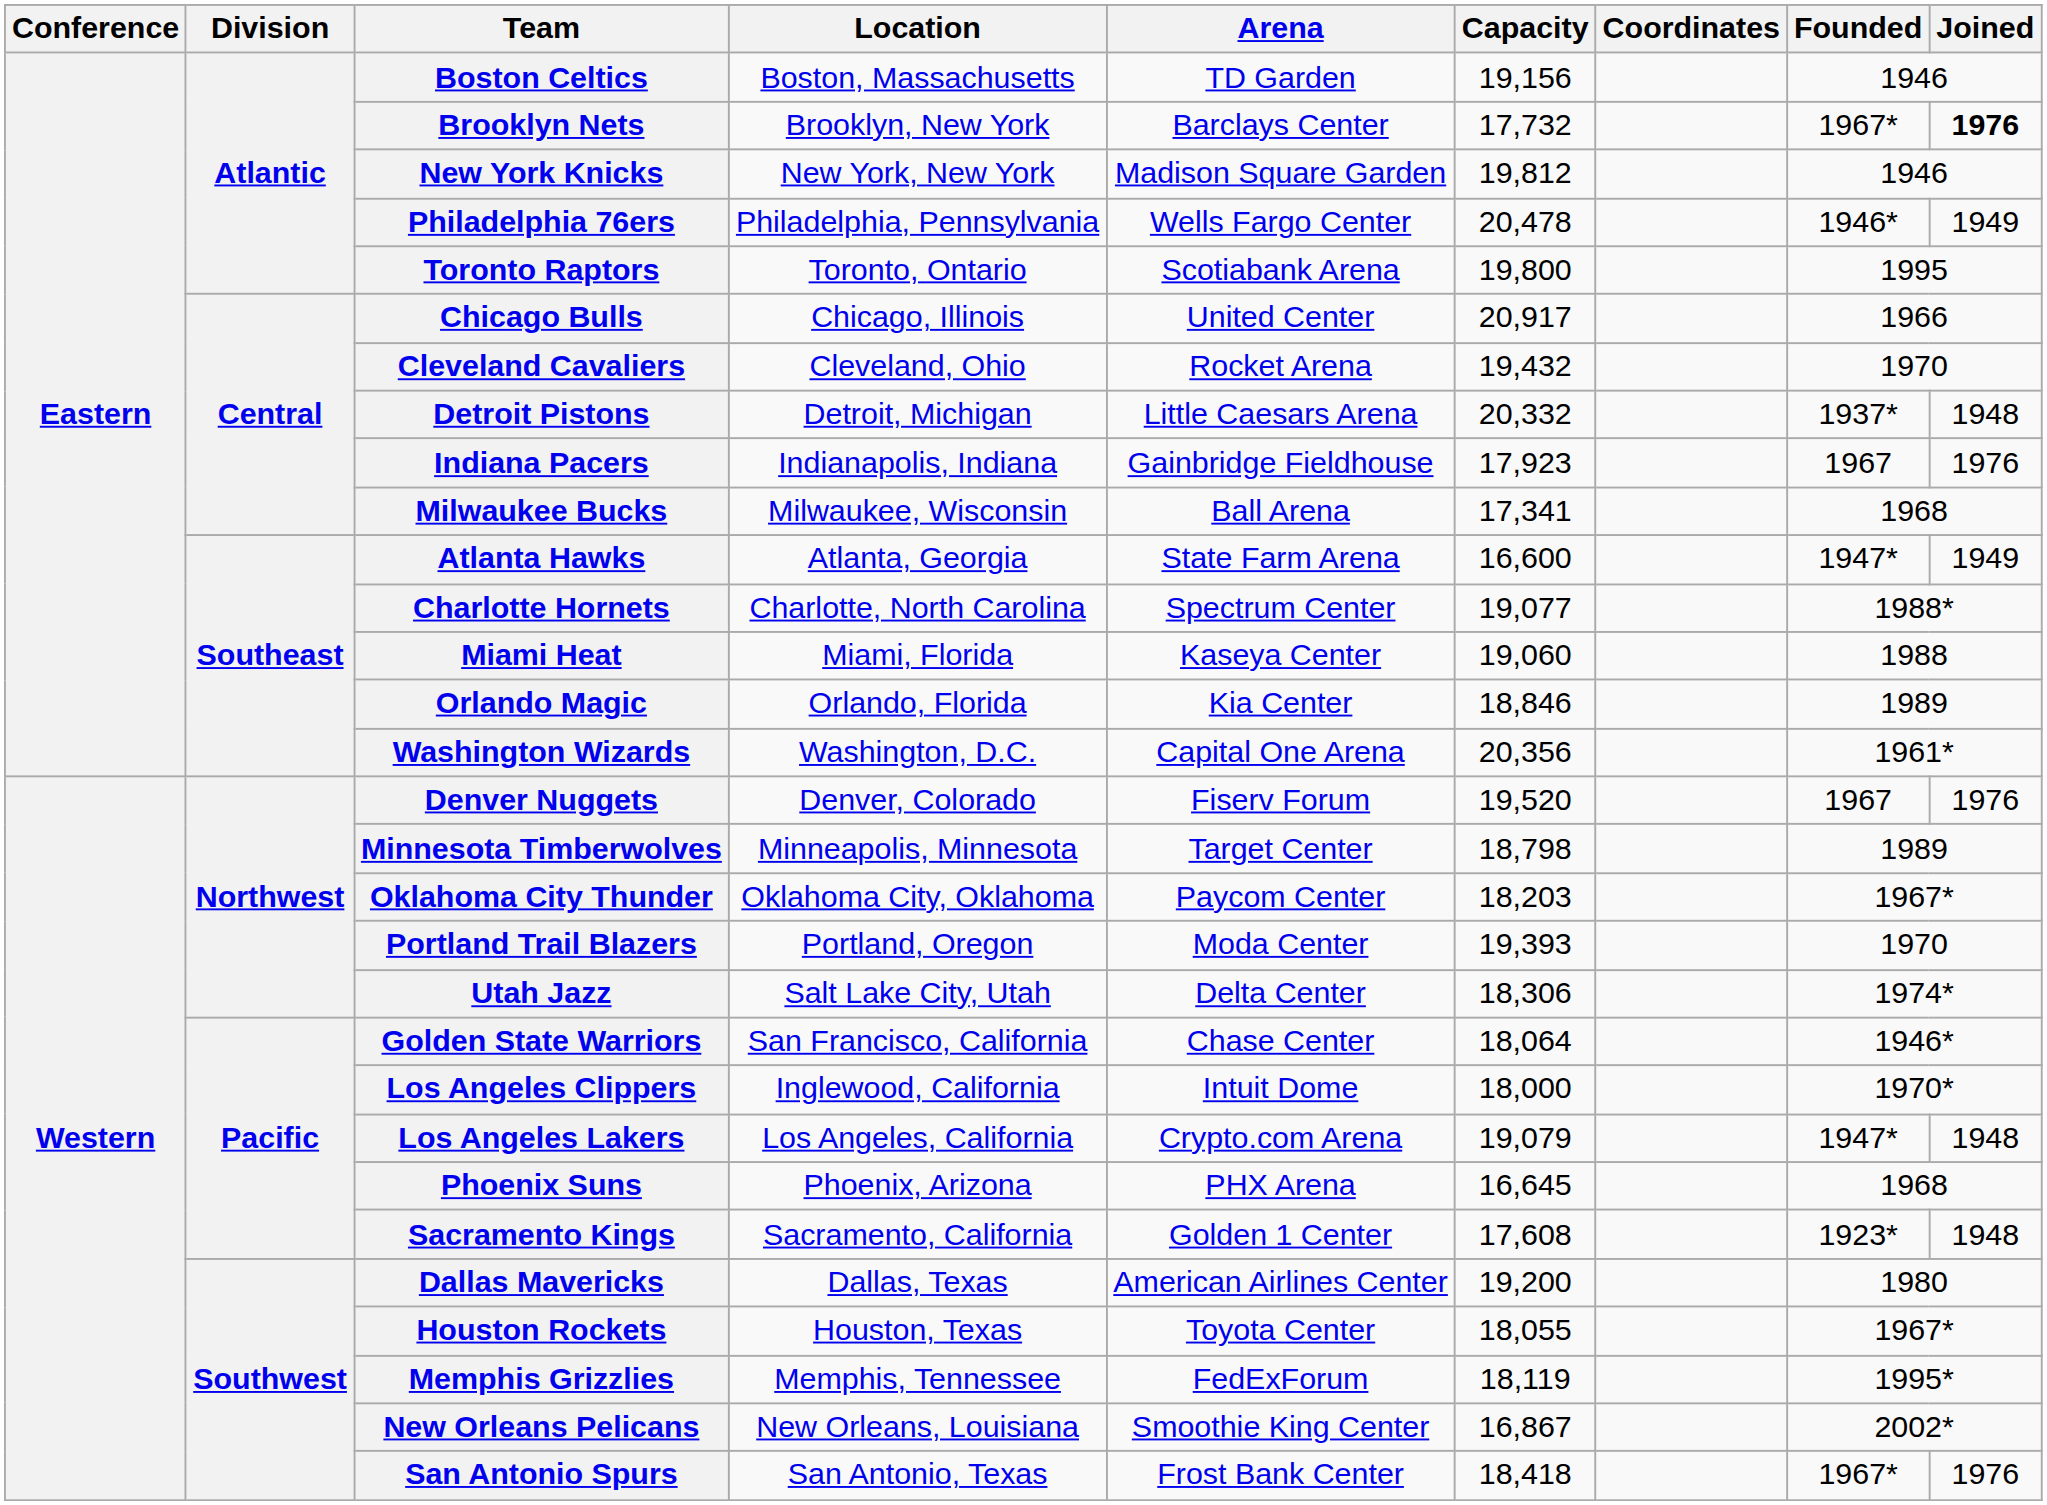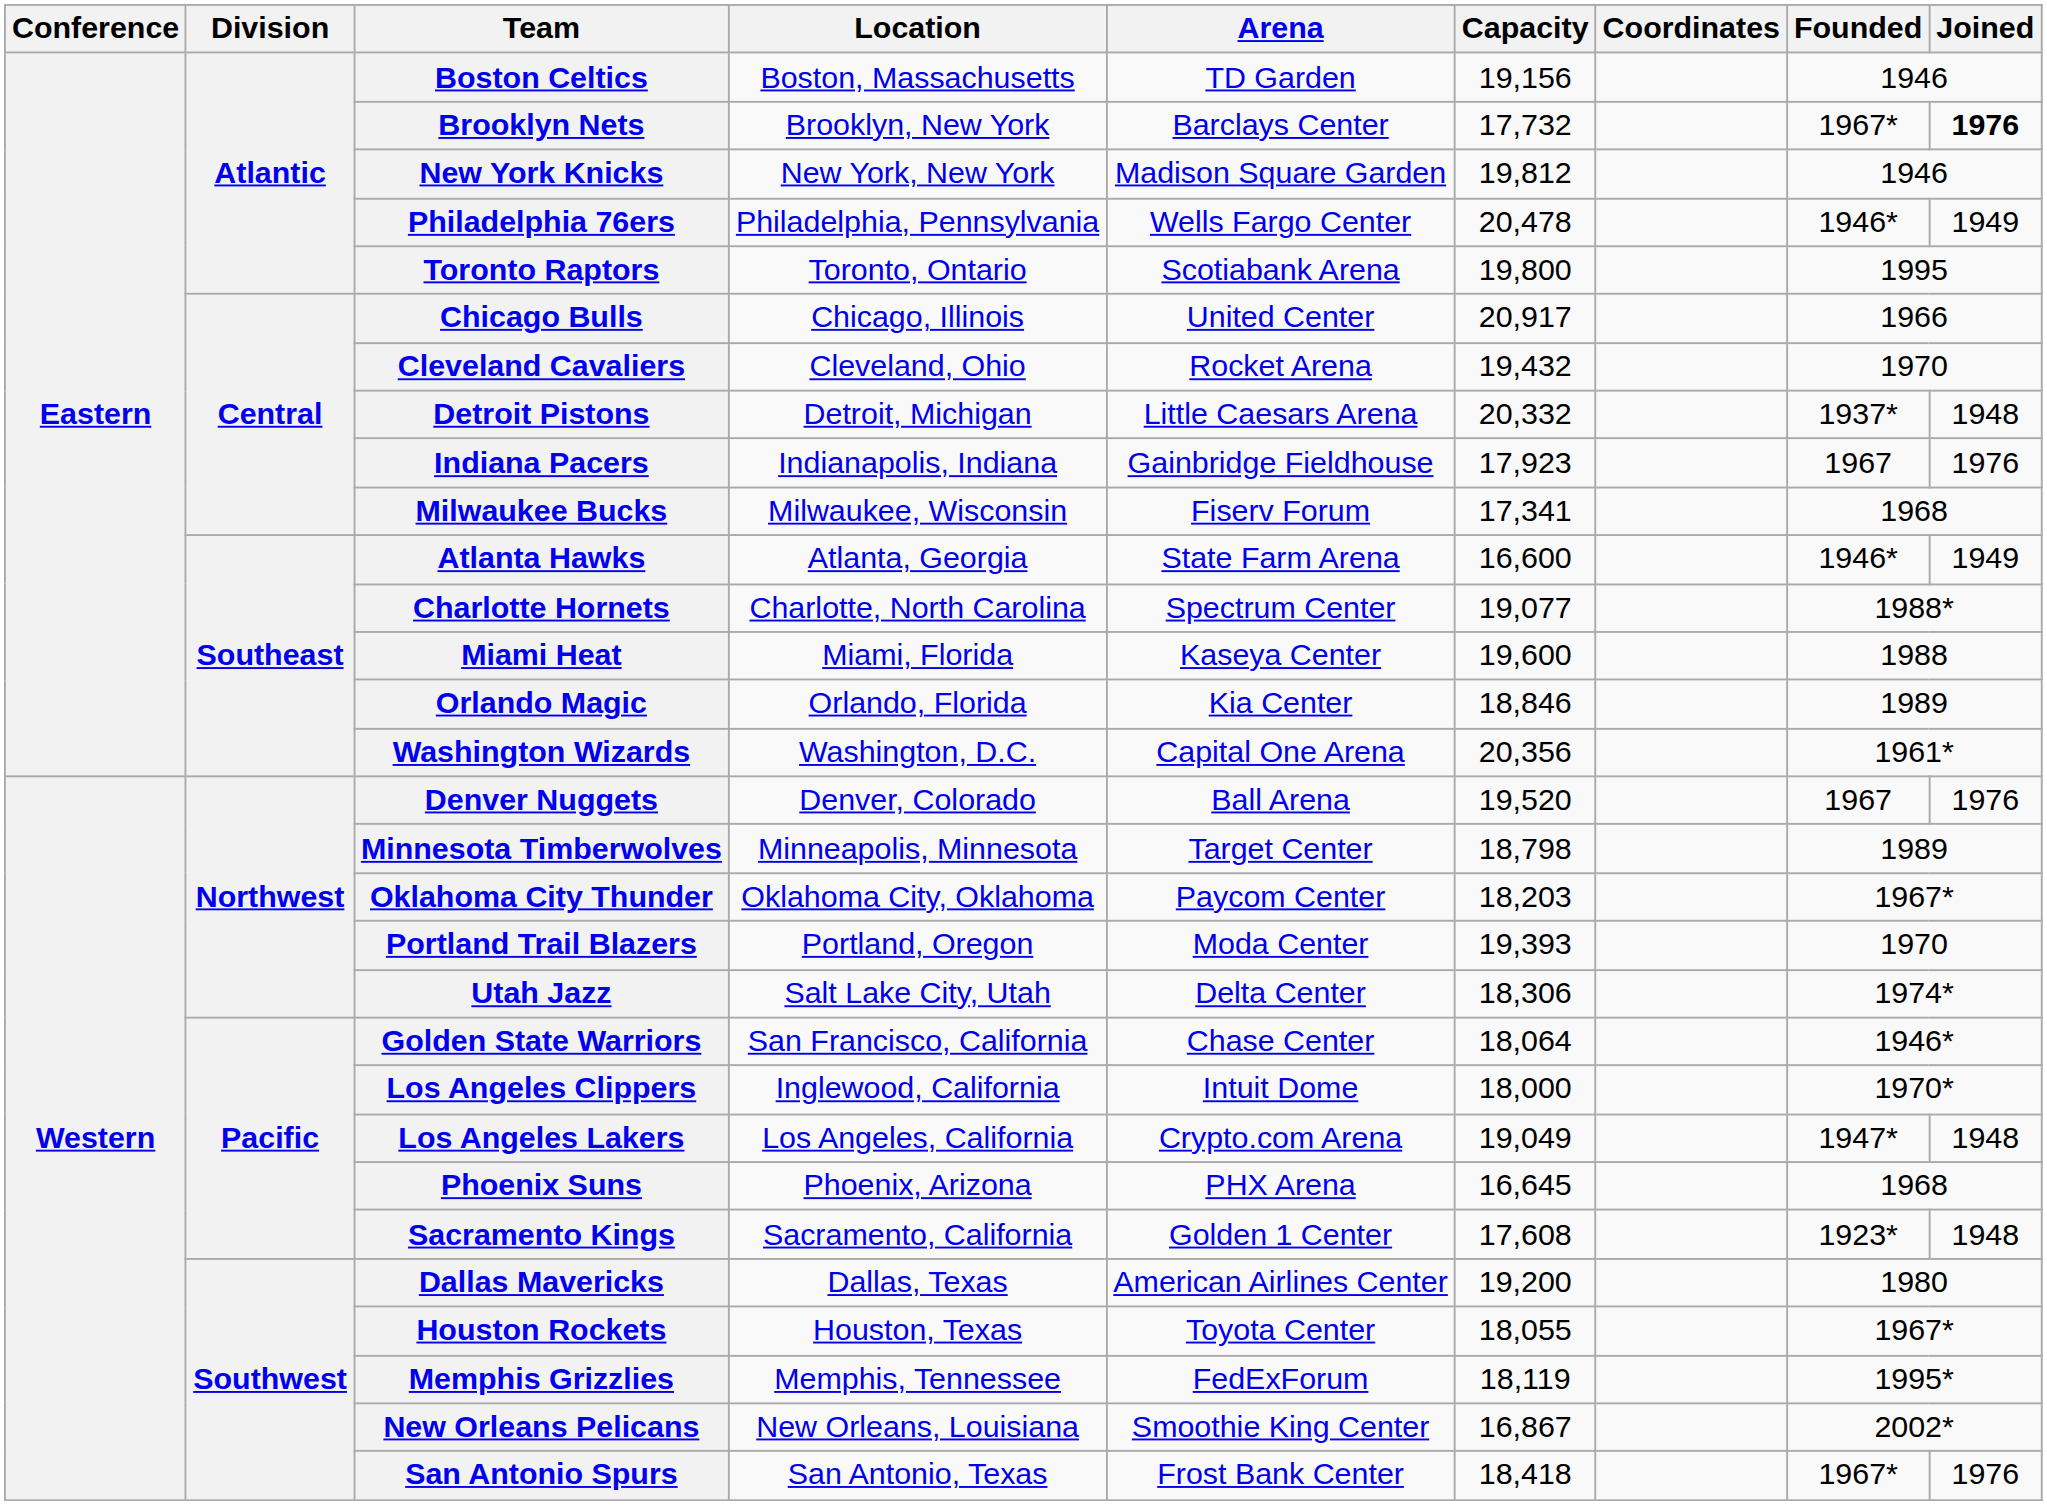 <table class="wikitable sortable plainrowheaders" style="text-align:center;">
 <tr>
 <th scope="col">Conference</th>
 <th scope="col">Division</th>
 <th scope="col">Team</th>
 <th scope="col">Location</th>
 <th scope="col"><a href='#'>Arena</a></th>
 <th scope="col">Capacity</th>
 <th scope="col">Coordinates</th>
 <th scope="col">Founded</th>
 <th scope="col">Joined</th>
 </tr>
 <tr>
 <th rowspan="15"><a href='#'><span>Eastern</span></a></th>
 <th rowspan="5"><a href='#'>Atlantic</a></th>
 <th scope="row"><a href='#'>Boston Celtics</a></th>
 <td><a href='#'>Boston, Massachusetts</a></td>
 <td><a href='#'>TD Garden</a></td>
 <td align=center>19,156</td>
 <td></td>
 <td colspan="2" style="text-align:center;">1946</td>
 </tr>
 <tr>
 <th scope="row"><a href='#'>Brooklyn Nets</a></th>
 <td><a href='#'>Brooklyn, New York</a></td>
 <td><a href='#'>Barclays Center</a></td>
 <td align=center>17,732</td>
 <td></td>
 <td align=center>1967*</td>
 <td align=center><strong>1976</strong></td>
 </tr>
 <tr>
 <th scope="row"><a href='#'>New York Knicks</a></th>
 <td><a href='#'>New York, New York</a></td>
 <td><a href='#'>Madison Square Garden</a></td>
 <td align=center>19,812</td>
 <td></td>
 <td colspan="2" style="text-align:center;">1946</td>
 </tr>
 <tr>
 <th scope="row"><a href='#'>Philadelphia 76ers</a></th>
 <td><a href='#'>Philadelphia, Pennsylvania</a></td>
 <td><a href='#'>Wells Fargo Center</a></td>
 <td align=center>20,478</td>
 <td></td>
 <td align=center>1946*</td>
 <td align=center>1949</td>
 </tr>
 <tr>
 <th scope="row"><a href='#'>Toronto Raptors</a></th>
 <td><a href='#'>Toronto, Ontario</a></td>
 <td><a href='#'>Scotiabank Arena</a></td>
 <td align=center>19,800</td>
 <td></td>
 <td colspan="2" style="text-align:center;">1995</td>
 </tr>
 <tr>
 <th rowspan="5"><a href='#'>Central</a></th>
 <th scope="row"><a href='#'>Chicago Bulls</a></th>
 <td><a href='#'>Chicago, Illinois</a></td>
 <td><a href='#'>United Center</a></td>
 <td align=center>20,917</td>
 <td></td>
 <td colspan="2" style="text-align:center;">1966</td>
 </tr>
 <tr>
 <th scope="row"><a href='#'>Cleveland Cavaliers</a></th>
 <td><a href='#'>Cleveland, Ohio</a></td>
 <td><a href='#'>Rocket Arena</a></td>
 <td align=center>19,432</td>
 <td></td>
 <td colspan="2" style="text-align:center;">1970</td>
 </tr>
 <tr>
 <th scope="row"><a href='#'>Detroit Pistons</a></th>
 <td><a href='#'>Detroit, Michigan</a></td>
 <td><a href='#'>Little Caesars Arena</a></td>
 <td align=center>20,332</td>
 <td></td>
 <td align=center>1937*</td>
 <td align=center>1948</td>
 </tr>
 <tr>
 <th scope="row"><a href='#'>Indiana Pacers</a></th>
 <td><a href='#'>Indianapolis, Indiana</a></td>
 <td><a href='#'>Gainbridge Fieldhouse</a></td>
 <td align=center>17,923</td>
 <td></td>
 <td align=center>1967</td>
 <td align=center>1976</td>
 </tr>
 <tr>
 <th scope="row"><a href='#'>Milwaukee Bucks</a></th>
 <td><a href='#'>Milwaukee, Wisconsin</a></td>
-<td><a href='#'>Ball Arena</a></td>
+<td><a href='#'>Fiserv Forum</a></td>
 <td align=center>17,341</td>
 <td></td>
 <td colspan="2" style="text-align:center;">1968</td>
 </tr>
 <tr>
 <th rowspan="5"><a href='#'>Southeast</a></th>
 <th scope="row"><a href='#'>Atlanta Hawks</a></th>
 <td><a href='#'>Atlanta, Georgia</a></td>
 <td><a href='#'>State Farm Arena</a></td>
 <td align=center>16,600</td>
 <td></td>
-<td align=center>1947*</td>
+<td align=center>1946*</td>
 <td align=center>1949</td>
 </tr>
 <tr>
 <th scope="row"><a href='#'>Charlotte Hornets</a></th>
 <td><a href='#'>Charlotte, North Carolina</a></td>
 <td><a href='#'>Spectrum Center</a></td>
 <td align=center>19,077</td>
 <td></td>
 <td colspan="2" style="text-align:center;">1988*</td>
 </tr>
 <tr>
 <th scope="row"><a href='#'>Miami Heat</a></th>
 <td><a href='#'>Miami, Florida</a></td>
 <td><a href='#'>Kaseya Center</a></td>
-<td align=center>19,060</td>
+<td align=center>19,600</td>
 <td></td>
 <td colspan="2" style="text-align:center;">1988</td>
 </tr>
 <tr>
 <th scope="row"><a href='#'>Orlando Magic</a></th>
 <td><a href='#'>Orlando, Florida</a></td>
 <td><a href='#'>Kia Center</a></td>
 <td align=center>18,846</td>
 <td></td>
 <td colspan="2" style="text-align:center;">1989</td>
 </tr>
 <tr>
 <th scope="row"><a href='#'>Washington Wizards</a></th>
 <td><a href='#'>Washington, D.C.</a></td>
 <td><a href='#'>Capital One Arena</a></td>
 <td align=center>20,356</td>
 <td></td>
 <td colspan="2" style="text-align:center;">1961*</td>
 </tr>
 <tr>
 <th rowspan="15"><a href='#'><span>Western</span></a></th>
 <th rowspan="5"><a href='#'>Northwest</a></th>
 <th scope="row"><a href='#'>Denver Nuggets</a></th>
 <td><a href='#'>Denver, Colorado</a></td>
-<td><a href='#'>Fiserv Forum</a></td>
+<td><a href='#'>Ball Arena</a></td>
 <td align=center>19,520</td>
 <td></td>
 <td align=center>1967</td>
 <td align=center>1976</td>
 </tr>
 <tr>
 <th scope="row"><a href='#'>Minnesota Timberwolves</a></th>
 <td><a href='#'>Minneapolis, Minnesota</a></td>
 <td><a href='#'>Target Center</a></td>
 <td align=center>18,798</td>
 <td></td>
 <td colspan="2" style="text-align:center;">1989</td>
 </tr>
 <tr>
 <th scope="row"><a href='#'>Oklahoma City Thunder</a></th>
 <td><a href='#'>Oklahoma City, Oklahoma</a></td>
 <td><a href='#'>Paycom Center</a></td>
 <td align=center>18,203</td>
 <td></td>
 <td colspan="2" style="text-align:center;">1967*</td>
 </tr>
 <tr>
 <th scope="row"><a href='#'>Portland Trail Blazers</a></th>
 <td><a href='#'>Portland, Oregon</a></td>
 <td><a href='#'>Moda Center</a></td>
 <td align=center>19,393</td>
 <td></td>
 <td colspan="2" style="text-align:center;">1970</td>
 </tr>
 <tr>
 <th scope="row"><a href='#'>Utah Jazz</a></th>
 <td><a href='#'>Salt Lake City, Utah</a></td>
 <td><a href='#'>Delta Center</a></td>
 <td align=center>18,306</td>
 <td></td>
 <td colspan="2" style="text-align:center;">1974*</td>
 </tr>
 <tr>
 <th rowspan="5"><a href='#'>Pacific</a></th>
 <th scope="row"><a href='#'>Golden State Warriors</a></th>
 <td><a href='#'>San Francisco, California</a></td>
 <td><a href='#'>Chase Center</a></td>
 <td align=center>18,064</td>
 <td></td>
 <td colspan="2" style="text-align:center;">1946*</td>
 </tr>
 <tr>
 <th scope="row"><a href='#'>Los Angeles Clippers</a></th>
 <td><a href='#'>Inglewood, California</a></td>
 <td><a href='#'>Intuit Dome</a></td>
 <td align=center>18,000</td>
 <td></td>
 <td colspan="2" style="text-align:center;">1970*</td>
 </tr>
 <tr>
 <th scope="row"><a href='#'>Los Angeles Lakers</a></th>
 <td><a href='#'>Los Angeles, California</a></td>
 <td><a href='#'>Crypto.com Arena</a></td>
-<td align=center>19,079</td>
+<td align=center>19,049</td>
 <td></td>
 <td align=center>1947*</td>
 <td align=center>1948</td>
 </tr>
 <tr>
 <th scope="row"><a href='#'>Phoenix Suns</a></th>
 <td><a href='#'>Phoenix, Arizona</a></td>
 <td><a href='#'>PHX Arena</a></td>
 <td align=center>16,645</td>
 <td></td>
 <td colspan="2" style="text-align:center;">1968</td>
 </tr>
 <tr>
 <th scope="row"><a href='#'>Sacramento Kings</a></th>
 <td><a href='#'>Sacramento, California</a></td>
 <td><a href='#'>Golden 1 Center</a></td>
 <td align=center>17,608</td>
 <td></td>
 <td align=center>1923*</td>
 <td align=center>1948</td>
 </tr>
 <tr>
 <th rowspan="5"><a href='#'>Southwest</a></th>
 <th scope="row"><a href='#'>Dallas Mavericks</a></th>
 <td><a href='#'>Dallas, Texas</a></td>
 <td><a href='#'>American Airlines Center</a></td>
 <td align=center>19,200</td>
 <td></td>
 <td colspan="2" style="text-align:center;">1980</td>
 </tr>
 <tr>
 <th scope="row"><a href='#'>Houston Rockets</a></th>
 <td><a href='#'>Houston, Texas</a></td>
 <td><a href='#'>Toyota Center</a></td>
 <td align=center>18,055</td>
 <td></td>
 <td colspan="2" style="text-align:center;">1967*</td>
 </tr>
 <tr>
 <th scope="row"><a href='#'>Memphis Grizzlies</a></th>
 <td><a href='#'>Memphis, Tennessee</a></td>
 <td><a href='#'>FedExForum</a></td>
 <td align=center>18,119</td>
 <td></td>
 <td colspan="2" style="text-align:center;">1995*</td>
 </tr>
 <tr>
 <th scope="row"><a href='#'>New Orleans Pelicans</a></th>
 <td><a href='#'>New Orleans, Louisiana</a></td>
 <td><a href='#'>Smoothie King Center</a></td>
 <td align=center>16,867</td>
 <td></td>
 <td colspan="2" style="text-align:center;">2002*</td>
 </tr>
 <tr>
 <th scope="row"><a href='#'>San Antonio Spurs</a></th>
 <td><a href='#'>San Antonio, Texas</a></td>
 <td><a href='#'>Frost Bank Center</a></td>
 <td align=center>18,418</td>
 <td></td>
 <td align=center>1967*</td>
 <td align=center>1976</td>
 </tr>
 </table>
